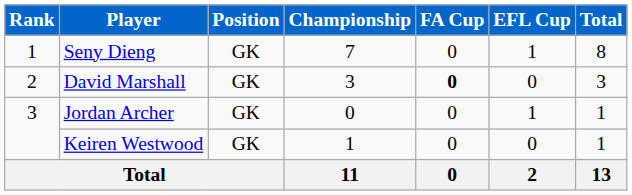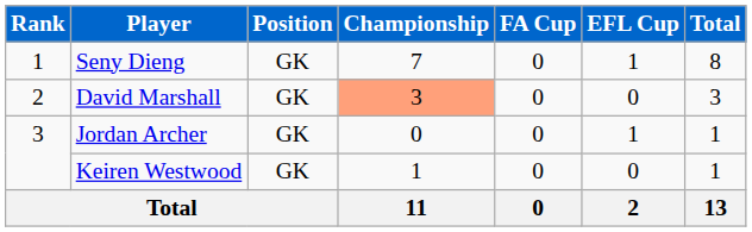 <table class="wikitable">
 <tr>
 <th style=background-color:#0066CC;color:#FFFFFF>Rank</th>
 <th style=background-color:#0066CC;color:#FFFFFF>Player</th>
 <th style=background-color:#0066CC;color:#FFFFFF>Position</th>
 <th style=background-color:#0066CC;color:#FFFFFF>Championship</th>
 <th style=background-color:#0066CC;color:#FFFFFF>FA Cup</th>
 <th style=background-color:#0066CC;color:#FFFFFF>EFL Cup</th>
 <th style=background-color:#0066CC;color:#FFFFFF>Total</th>
 </tr>
 <tr>
 <td align=center valign=top rowspan=1>1</td>
 <td> <a href='#'>Seny Dieng</a></td>
 <td align=center>GK</td>
 <td align=center>7</td>
 <td align=center>0</td>
 <td align=center>1</td>
 <td align=center>8</td>
 </tr>
 <tr>
 <td align=center valign=top rowspan=1>2</td>
 <td> <a href='#'>David Marshall</a></td>
 <td align=center>GK</td>
-<td align=center>3</td>
-<td align=center><strong>0</strong></td>
+<td align=center style="background: lightsalmon;">3</td>
+<td align=center>0</td>
 <td align=center>0</td>
 <td align=center>3</td>
 </tr>
 <tr>
 <td align=center valign=top rowspan=2>3</td>
 <td> <a href='#'>Jordan Archer</a></td>
 <td align=center>GK</td>
 <td align=center>0</td>
 <td align=center>0</td>
 <td align=center>1</td>
 <td align=center>1</td>
 </tr>
 <tr>
 <td> <a href='#'>Keiren Westwood</a></td>
 <td align=center>GK</td>
 <td align=center>1</td>
 <td align=center>0</td>
 <td align=center>0</td>
 <td align=center>1</td>
 </tr>
 <tr>
 <th colspan=3>Total</th>
 <th>11</th>
 <th>0</th>
 <th>2</th>
 <th>13</th>
 </tr>
 </table>
